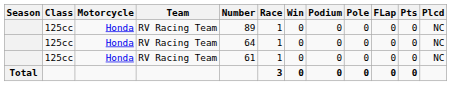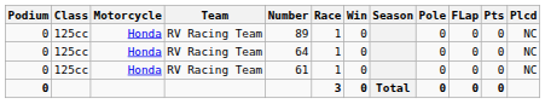 <table class="wikitable" style=text-align:right>
 <tr>
-<th>Season</th>
+<th>Podium</th>
 <th>Class</th>
 <th>Motorcycle</th>
 <th>Team</th>
 <th>Number</th>
 <th>Race</th>
 <th>Win</th>
-<th>Podium</th>
+<th>Season</th>
 <th>Pole</th>
 <th>FLap</th>
 <th>Pts</th>
 <th>Plcd</th>
 </tr>
 <tr>
-<th></th>
+<td>0</td>
 <td>125cc</td>
 <td><a href='#'>Honda</a></td>
 <td>RV Racing Team</td>
 <td>89</td>
 <td>1</td>
 <td>0</td>
-<td>0</td>
+<th></th>
 <td>0</td>
 <td>0</td>
 <td>0</td>
 <td>NC</td>
 </tr>
 <tr>
-<th></th>
+<td>0</td>
 <td>125cc</td>
 <td><a href='#'>Honda</a></td>
 <td>RV Racing Team</td>
 <td>64</td>
 <td>1</td>
 <td>0</td>
-<td>0</td>
+<th></th>
 <td>0</td>
 <td>0</td>
 <td>0</td>
 <td>NC</td>
 </tr>
 <tr>
-<th></th>
+<td>0</td>
 <td>125cc</td>
 <td><a href='#'>Honda</a></td>
 <td>RV Racing Team</td>
 <td>61</td>
 <td>1</td>
 <td>0</td>
-<td>0</td>
+<th></th>
 <td>0</td>
 <td>0</td>
 <td>0</td>
 <td>NC</td>
 </tr>
 <tr>
-<th>Total</th>
+<td><strong>0</strong></td>
 <td></td>
 <td></td>
 <td></td>
 <td></td>
 <td><strong>3</strong></td>
 <td><strong>0</strong></td>
-<td><strong>0</strong></td>
+<th>Total</th>
 <td><strong>0</strong></td>
 <td><strong>0</strong></td>
 <td><strong>0</strong></td>
 <td></td>
 </tr>
 </table>
